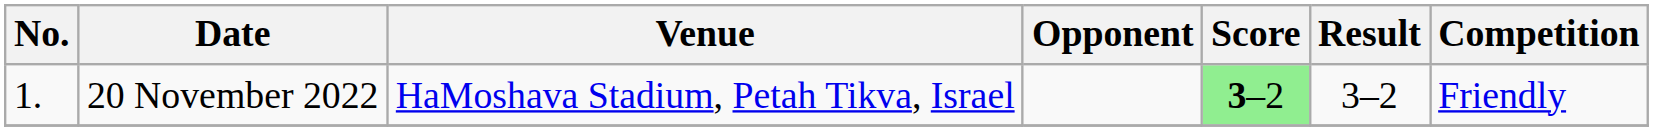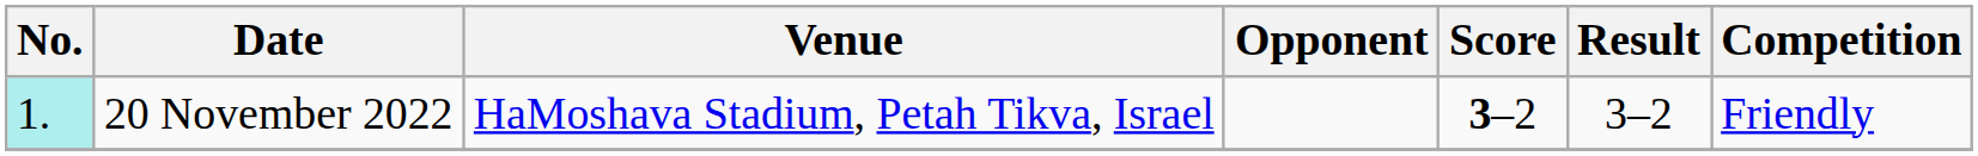 <table class="wikitable">
 <tr>
 <th>No.</th>
 <th>Date</th>
 <th>Venue</th>
 <th>Opponent</th>
 <th>Score</th>
 <th>Result</th>
 <th>Competition</th>
 </tr>
 <tr>
-<td>1.</td>
+<td style="background: paleturquoise;">1.</td>
 <td>20 November 2022</td>
 <td><a href='#'>HaMoshava Stadium</a>, <a href='#'>Petah Tikva</a>, <a href='#'>Israel</a></td>
 <td></td>
-<td align=center style="background: lightgreen;"><strong>3</strong>–2</td>
+<td align=center><strong>3</strong>–2</td>
 <td align=center>3–2</td>
 <td><a href='#'>Friendly</a></td>
 </tr>
 <tr>
 </tr>
 </table>
